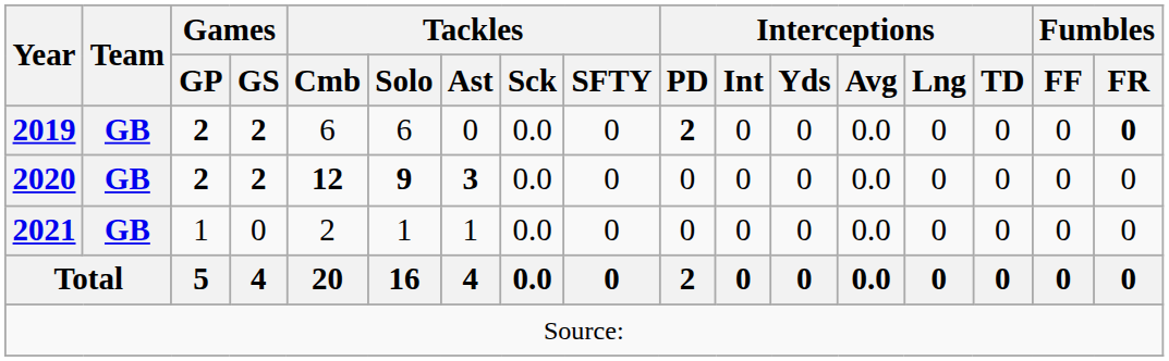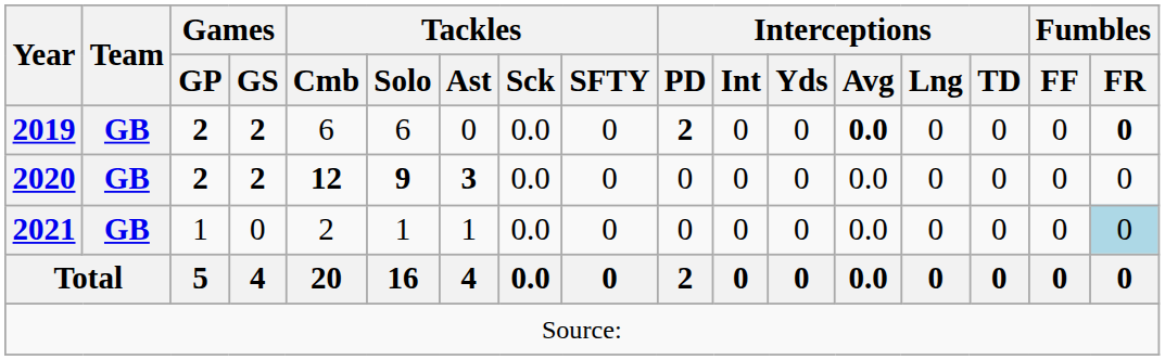 <table class="wikitable" style="text-align: center;">
 <tr>
 <th rowspan="2">Year</th>
 <th rowspan="2">Team</th>
 <th colspan="2">Games</th>
 <th colspan="5">Tackles</th>
 <th colspan="6">Interceptions</th>
 <th colspan="2">Fumbles</th>
 </tr>
 <tr>
 <th>GP</th>
 <th>GS</th>
 <th>Cmb</th>
 <th>Solo</th>
 <th>Ast</th>
 <th>Sck</th>
 <th>SFTY</th>
 <th>PD</th>
 <th>Int</th>
 <th>Yds</th>
 <th>Avg</th>
 <th>Lng</th>
 <th>TD</th>
 <th>FF</th>
 <th>FR</th>
 </tr>
 <tr>
 <th><a href='#'>2019</a></th>
 <th><a href='#'>GB</a></th>
 <td><strong>2</strong></td>
 <td><strong>2</strong></td>
 <td>6</td>
 <td>6</td>
 <td>0</td>
 <td>0.0</td>
 <td>0</td>
 <td><strong>2</strong></td>
 <td>0</td>
 <td>0</td>
-<td>0.0</td>
+<td><strong>0.0</strong></td>
 <td>0</td>
 <td>0</td>
 <td>0</td>
 <td><strong>0</strong></td>
 </tr>
 <tr>
 <th><a href='#'>2020</a></th>
 <th><a href='#'>GB</a></th>
 <td><strong>2</strong></td>
 <td><strong>2</strong></td>
 <td><strong>12</strong></td>
 <td><strong>9</strong></td>
 <td><strong>3</strong></td>
 <td>0.0</td>
 <td>0</td>
 <td>0</td>
 <td>0</td>
 <td>0</td>
 <td>0.0</td>
 <td>0</td>
 <td>0</td>
 <td>0</td>
 <td>0</td>
 </tr>
 <tr>
 <th><a href='#'>2021</a></th>
 <th><a href='#'>GB</a></th>
 <td>1</td>
 <td>0</td>
 <td>2</td>
 <td>1</td>
 <td>1</td>
 <td>0.0</td>
 <td>0</td>
 <td>0</td>
 <td>0</td>
 <td>0</td>
 <td>0.0</td>
 <td>0</td>
 <td>0</td>
 <td>0</td>
-<td>0</td>
+<td style="background: lightblue;">0</td>
 </tr>
 <tr>
 <th colspan="2">Total</th>
 <th>5</th>
 <th>4</th>
 <th>20</th>
 <th>16</th>
 <th>4</th>
 <th>0.0</th>
 <th>0</th>
 <th>2</th>
 <th>0</th>
 <th>0</th>
 <th>0.0</th>
 <th>0</th>
 <th>0</th>
 <th>0</th>
 <th>0</th>
 </tr>
 <tr>
 <td colspan="17"><small>Source: </small></td>
 </tr>
 </table>
